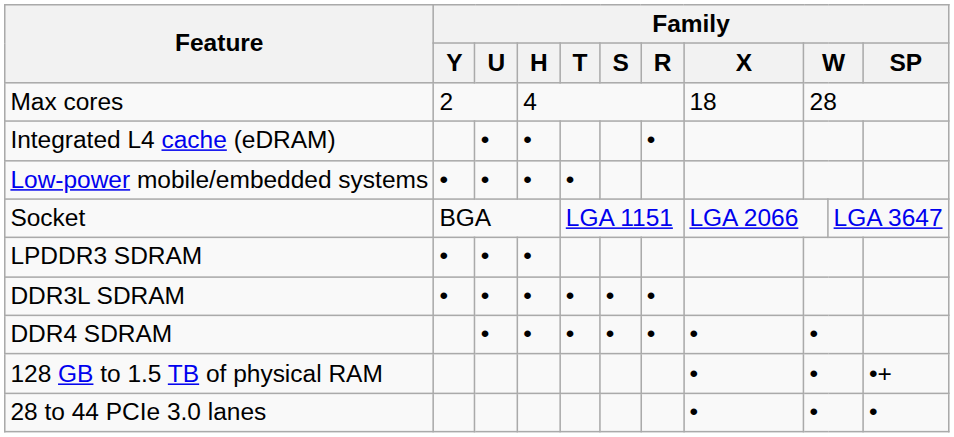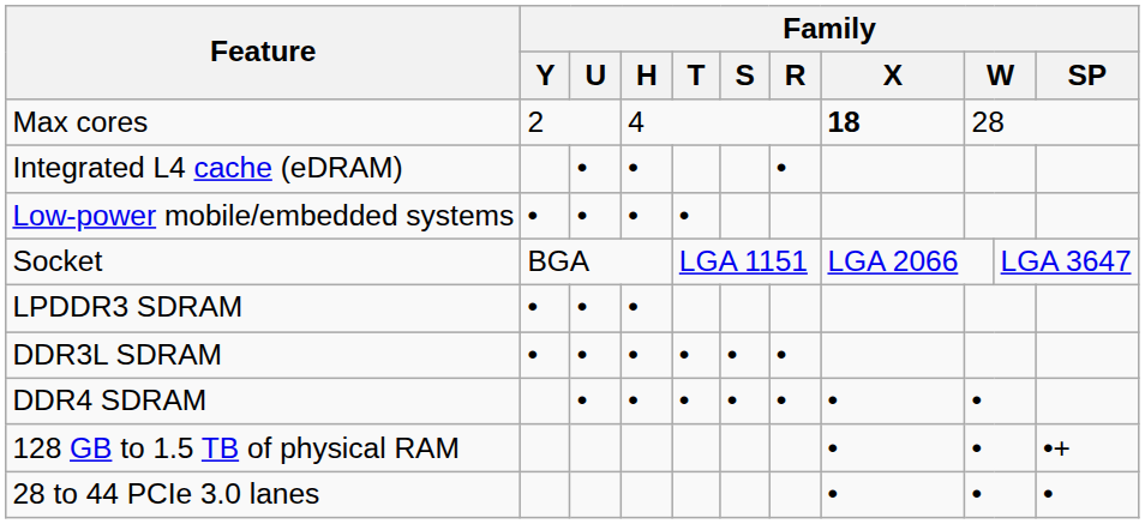 <table class=wikitable style=text-align: center;>
 <tr>
 <th rowspan=2>Feature</th>
 <th colspan="10">Family</th>
 </tr>
 <tr>
 <th> Y </th>
 <th> U </th>
 <th> H </th>
 <th> T </th>
 <th> S </th>
 <th> R </th>
 <th> X </th>
 <th colspan="2"> W </th>
 <th> SP </th>
 </tr>
 <tr>
 <td>Max cores</td>
 <td colspan="2">2</td>
 <td colspan="4">4</td>
-<td>18</td>
+<td><strong>18</strong></td>
 <td colspan="3">28</td>
 </tr>
 <tr>
 <td style="text-align:" left;>Integrated L4 <a href='#'>cache</a> (eDRAM)</td>
 <td></td>
 <td>•</td>
 <td>•</td>
 <td></td>
 <td></td>
 <td>•</td>
 <td></td>
 <td colspan="2"></td>
 <td></td>
 </tr>
 <tr>
 <td style="text-align:" left;><a href='#'>Low-power</a> mobile/embedded systems</td>
 <td>•</td>
 <td>•</td>
 <td>•</td>
 <td>•</td>
 <td></td>
 <td></td>
 <td></td>
 <td colspan="2"></td>
 <td></td>
 </tr>
 <tr>
 <td style=text-align: left;>Socket</td>
 <td colspan=3>BGA</td>
 <td colspan=3><a href='#'>LGA 1151</a></td>
 <td colspan=2><a href='#'>LGA 2066</a></td>
 <td colspan="2"><a href='#'>LGA 3647</a></td>
 </tr>
 <tr>
 <td>LPDDR3 SDRAM</td>
 <td>•</td>
 <td>•</td>
 <td>•</td>
 <td></td>
 <td></td>
 <td></td>
 <td></td>
 <td colspan="2"></td>
 <td></td>
 </tr>
 <tr>
 <td style="text-align:" left;>DDR3L SDRAM</td>
 <td>•</td>
 <td>•</td>
 <td>•</td>
 <td>•</td>
 <td>•</td>
 <td>•</td>
 <td></td>
 <td colspan="2"></td>
 <td></td>
 </tr>
 <tr>
 <td style="text-align:" left;>DDR4 SDRAM</td>
 <td></td>
 <td>•</td>
 <td>•</td>
 <td>•</td>
 <td>•</td>
 <td>•</td>
 <td>•</td>
 <td colspan="2">•</td>
 <td></td>
 </tr>
 <tr>
 <td style="text-align:" left;>128 <a href='#'>GB</a> to 1.5 <a href='#'>TB</a> of physical RAM</td>
 <td></td>
 <td></td>
 <td></td>
 <td></td>
 <td></td>
 <td></td>
 <td>•</td>
 <td colspan="2">•</td>
 <td>•+</td>
 </tr>
 <tr>
 <td style="text-align:" left;>28 to 44 PCIe 3.0 lanes</td>
 <td></td>
 <td></td>
 <td></td>
 <td></td>
 <td></td>
 <td></td>
 <td>•</td>
 <td colspan="2">•</td>
 <td>•</td>
 </tr>
 </table>
